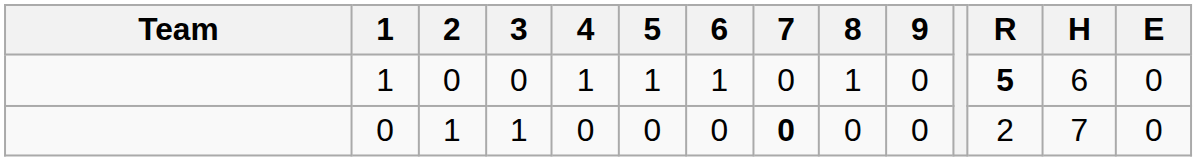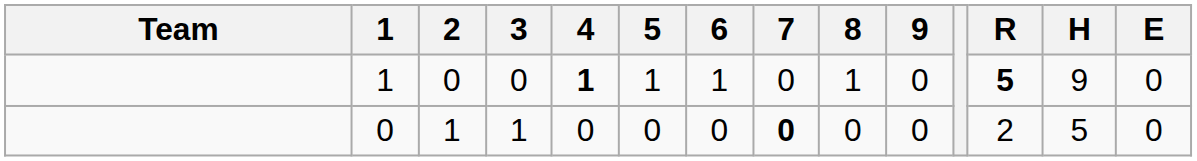 <table border=1 cellspacing=0 width=600 style="margin-left:3em;" class="wikitable">
 <tr style="text-align:center; background-color:#e6e6e6;">
 <th align=left width=28%>Team</th>
 <th width=5.4%>1</th>
 <th width=5.4%>2</th>
 <th width=5.4%>3</th>
 <th width=5.4%>4</th>
 <th width=5.4%>5</th>
 <th width=5.4%>6</th>
 <th width=5.4%>7</th>
 <th width=5.4%>8</th>
 <th width=5.4%>9</th>
 <th rowspan="3" width=0.5%></th>
 <th width=6%>R</th>
 <th width=6%>H</th>
 <th width=6%>E</th>
 </tr>
 <tr style="text-align:center;">
 <td align=left></td>
 <td>1</td>
 <td>0</td>
 <td>0</td>
-<td>1</td>
+<td><strong>1</strong></td>
 <td>1</td>
 <td>1</td>
 <td>0</td>
 <td>1</td>
 <td>0</td>
 <td><strong>5</strong></td>
-<td>6</td>
+<td>9</td>
 <td>0</td>
 </tr>
 <tr style="text-align:center;">
 <td align=left></td>
 <td>0</td>
 <td>1</td>
 <td>1</td>
 <td>0</td>
 <td>0</td>
 <td>0</td>
 <td><strong>0</strong></td>
 <td>0</td>
 <td>0</td>
 <td>2</td>
-<td>7</td>
+<td>5</td>
 <td>0</td>
 </tr>
 </table>
